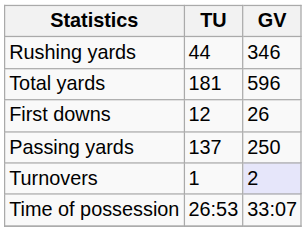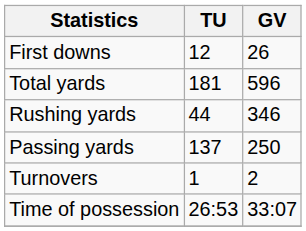 <table class="wikitable" style="float: left;">
 <tr>
 <th>Statistics</th>
 <th>TU</th>
 <th>GV</th>
 </tr>
 <tr>
-<td>Rushing yards</td>
-<td>44</td>
-<td>346</td>
+<td>First downs</td>
+<td>12</td>
+<td>26</td>
 </tr>
 <tr>
 <td>Total yards</td>
 <td>181</td>
 <td>596</td>
 </tr>
 <tr>
-<td>First downs</td>
-<td>12</td>
-<td>26</td>
+<td>Rushing yards</td>
+<td>44</td>
+<td>346</td>
 </tr>
 <tr>
 <td>Passing yards</td>
 <td>137</td>
 <td>250</td>
 </tr>
 <tr>
 <td>Turnovers</td>
 <td>1</td>
-<td style="background: lavender;">2</td>
+<td>2</td>
 </tr>
 <tr>
 <td>Time of possession</td>
 <td>26:53</td>
 <td>33:07</td>
 </tr>
 <tr>
 </tr>
 </table>
